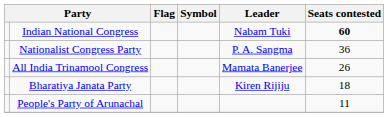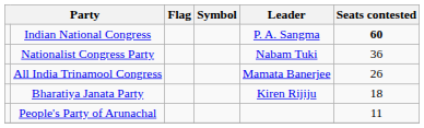 <table class="wikitable" style="text-align:center;">
 <tr>
 <th colspan="2">Party</th>
 <th>Flag</th>
 <th>Symbol</th>
 <th>Leader</th>
 <th>Seats contested</th>
 </tr>
 <tr>
 <td></td>
 <td><a href='#'>Indian National Congress</a></td>
 <td></td>
 <td></td>
-<td><a href='#'>Nabam Tuki</a></td>
+<td><a href='#'>P. A. Sangma</a></td>
 <td><strong>60</strong></td>
 </tr>
 <tr>
 <td></td>
 <td><a href='#'>Nationalist Congress Party</a></td>
 <td></td>
 <td></td>
-<td><a href='#'>P. A. Sangma</a></td>
+<td><a href='#'>Nabam Tuki</a></td>
 <td>36</td>
 </tr>
 <tr>
 <td></td>
 <td><a href='#'>All India Trinamool Congress</a></td>
 <td></td>
 <td></td>
 <td><a href='#'>Mamata Banerjee</a></td>
 <td>26</td>
 </tr>
 <tr>
 <td></td>
 <td><a href='#'>Bharatiya Janata Party</a></td>
 <td></td>
 <td></td>
 <td><a href='#'>Kiren Rijiju</a></td>
 <td>18</td>
 </tr>
 <tr>
 <td></td>
 <td><a href='#'>People's Party of Arunachal</a></td>
 <td></td>
 <td></td>
 <td></td>
 <td>11</td>
 </tr>
 <tr>
 </tr>
 </table>
